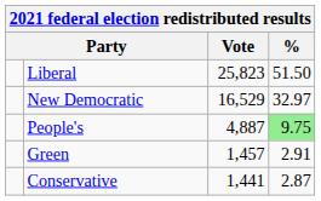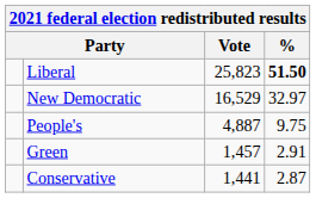 <table class="wikitable">
 <tr>
 <th colspan="4"><a href='#'>2021 federal election</a> redistributed results</th>
 </tr>
 <tr>
 <th bgcolor="#DDDDFF" width="130px" colspan="2">Party</th>
 <th bgcolor="#DDDDFF" width="50px">Vote</th>
 <th bgcolor="#DDDDFF" width="30px">%</th>
 </tr>
 <tr>
 <td> </td>
 <td><a href='#'>Liberal</a></td>
 <td align=right>25,823</td>
-<td align=right>51.50</td>
+<td align=right><strong>51.50</strong></td>
 </tr>
 <tr>
 <td> </td>
 <td><a href='#'>New Democratic</a></td>
 <td align=right>16,529</td>
 <td align=right>32.97</td>
 </tr>
 <tr>
 <td> </td>
 <td><a href='#'>People's</a></td>
 <td align=right>4,887</td>
-<td align=right style="background: lightgreen;">9.75</td>
+<td align=right>9.75</td>
 </tr>
 <tr>
 <td> </td>
 <td><a href='#'>Green</a></td>
 <td align=right>1,457</td>
 <td align=right>2.91</td>
 </tr>
 <tr>
 <td> </td>
 <td><a href='#'>Conservative</a></td>
 <td align=right>1,441</td>
 <td align=right>2.87</td>
 </tr>
 </table>
